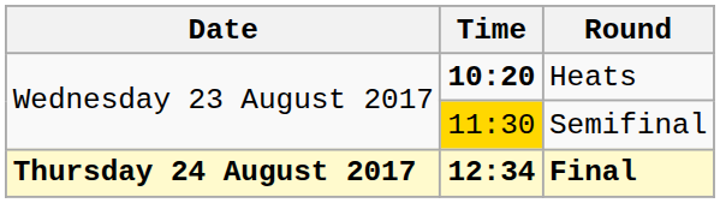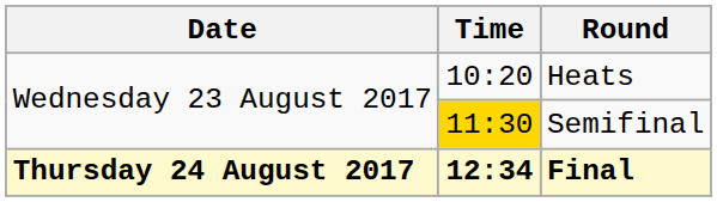 <table class="wikitable">
 <tr>
 <th>Date</th>
 <th>Time</th>
 <th>Round</th>
 </tr>
 <tr>
 <td rowspan=2>Wednesday 23 August 2017</td>
-<td><strong>10:20</strong></td>
+<td>10:20</td>
 <td>Heats</td>
 </tr>
 <tr>
 <td style="background: gold;">11:30</td>
 <td>Semifinal</td>
 </tr>
 <tr>
 <td style=background:lemonchiffon><strong>Thursday 24 August 2017</strong></td>
 <td style=background:lemonchiffon><strong>12:34</strong></td>
 <td style=background:lemonchiffon><strong>Final</strong></td>
 </tr>
 </table>
